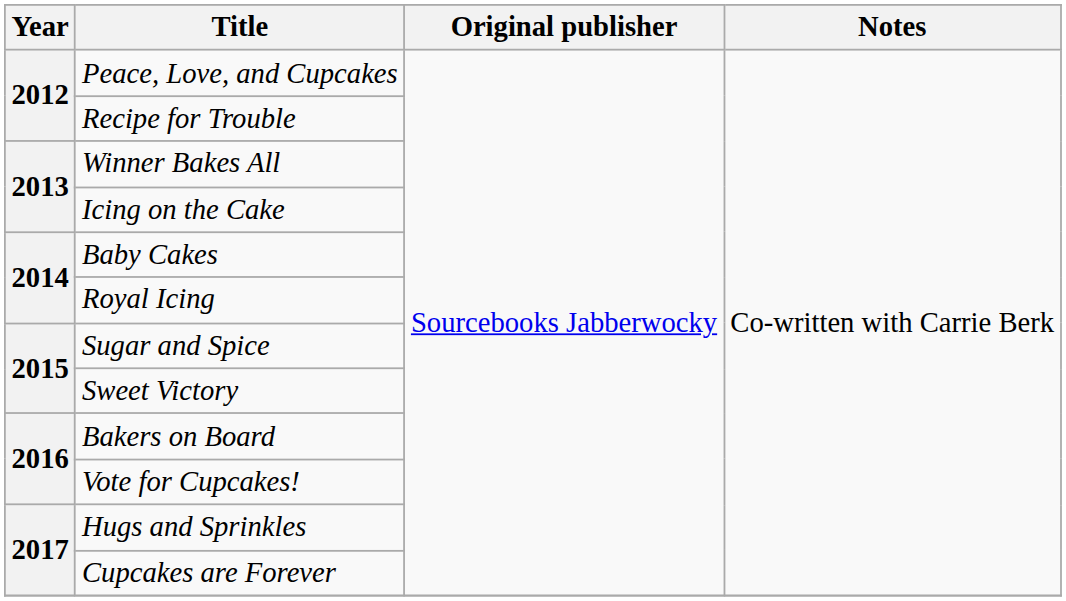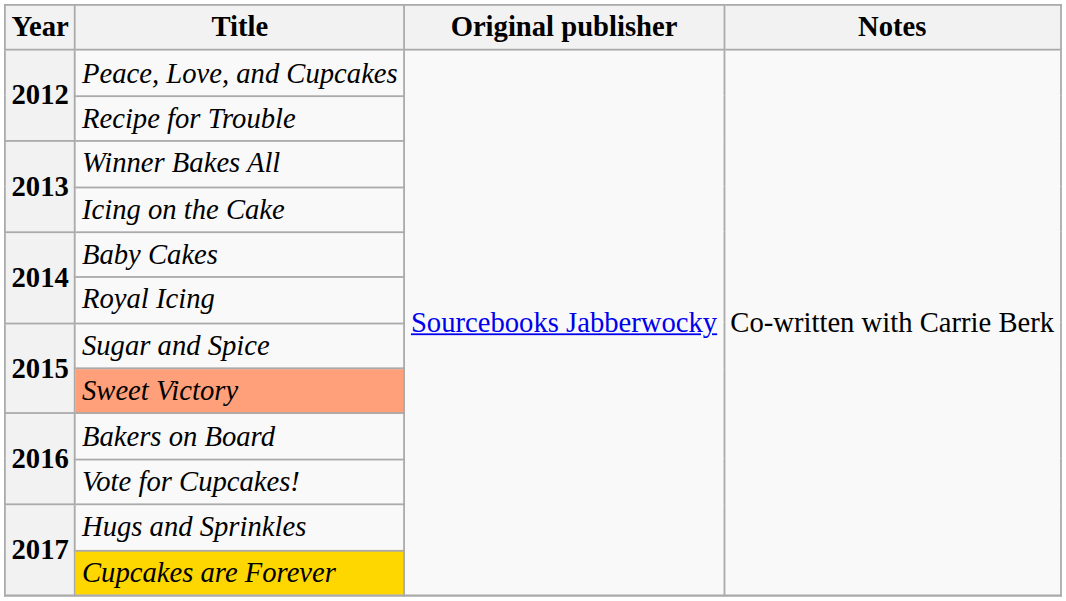 <table class="wikitable plainrowheaders sortable">
 <tr>
 <th scope="col">Year</th>
 <th scope="col">Title</th>
 <th scope="col">Original publisher</th>
 <th scope="col" class="unsortable">Notes</th>
 </tr>
 <tr>
 <th scope="row" rowspan="2">2012</th>
 <td><em>Peace, Love, and Cupcakes</em></td>
 <td rowspan="12"><a href='#'>Sourcebooks Jabberwocky</a></td>
 <td rowspan="12">Co-written with Carrie Berk</td>
 </tr>
 <tr>
 <td><em>Recipe for Trouble</em></td>
 </tr>
 <tr>
 <th scope="row" rowspan="2">2013</th>
 <td><em>Winner Bakes All</em></td>
 </tr>
 <tr>
 <td><em>Icing on the Cake</em></td>
 </tr>
 <tr>
 <th scope="row" rowspan="2">2014</th>
 <td><em>Baby Cakes</em></td>
 </tr>
 <tr>
 <td><em>Royal Icing</em></td>
 </tr>
 <tr>
 <th scope="row" rowspan="2">2015</th>
 <td><em>Sugar and Spice</em></td>
 </tr>
 <tr>
-<td><em>Sweet Victory</em></td>
+<td style="background: lightsalmon;"><em>Sweet Victory</em></td>
 </tr>
 <tr>
 <th scope="row" rowspan="2">2016</th>
 <td><em>Bakers on Board</em></td>
 </tr>
 <tr>
 <td><em>Vote for Cupcakes!</em></td>
 </tr>
 <tr>
 <th scope="row" rowspan="2">2017</th>
 <td><em>Hugs and Sprinkles</em></td>
 </tr>
 <tr>
-<td><em>Cupcakes are Forever</em></td>
+<td style="background: gold;"><em>Cupcakes are Forever</em></td>
 </tr>
 <tr>
 </tr>
 </table>
